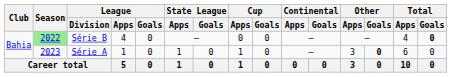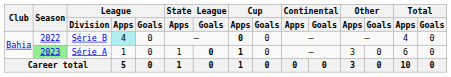 <table class="wikitable" style="text-align: center;">
 <tr>
 <th rowspan="2">Club</th>
 <th rowspan="2">Season</th>
 <th colspan="3">League</th>
 <th colspan="2">State League</th>
 <th colspan="2">Cup</th>
 <th colspan="2">Continental</th>
 <th colspan="2">Other</th>
 <th colspan="2">Total</th>
 </tr>
 <tr>
 <th>Division</th>
 <th>Apps</th>
 <th>Goals</th>
 <th>Apps</th>
 <th>Goals</th>
 <th>Apps</th>
 <th>Goals</th>
 <th>Apps</th>
 <th>Goals</th>
 <th>Apps</th>
 <th>Goals</th>
 <th>Apps</th>
 <th>Goals</th>
 </tr>
 <tr>
 <td rowspan="2"><a href='#'>Bahia</a></td>
-<td style="background: lightgreen;"><a href='#'>2022</a></td>
+<td><a href='#'>2022</a></td>
 <td><a href='#'>Série B</a></td>
-<td>4</td>
+<td style="background: paleturquoise;">4</td>
 <td>0</td>
 <td colspan="2">—</td>
-<td>0</td>
+<td><strong>0</strong></td>
 <td>0</td>
 <td colspan="2">—</td>
 <td colspan="2">—</td>
 <td>4</td>
-<td><strong>0</strong></td>
+<td>0</td>
 </tr>
 <tr>
-<td><a href='#'>2023</a></td>
+<td style="background: lightgreen;"><a href='#'>2023</a></td>
 <td><a href='#'>Série A</a></td>
 <td>1</td>
 <td>0</td>
 <td>1</td>
-<td>0</td>
-<td>1</td>
+<td><strong>0</strong></td>
+<td><strong>1</strong></td>
 <td>0</td>
 <td colspan="2">—</td>
 <td>3</td>
-<td><strong>0</strong></td>
+<td>0</td>
 <td>6</td>
 <td>0</td>
 </tr>
 <tr>
 <th colspan="3"><strong>Career total</strong></th>
 <th>5</th>
 <th>0</th>
 <th>1</th>
 <th>0</th>
 <th>1</th>
 <th>0</th>
 <th>0</th>
 <th>0</th>
 <th>3</th>
 <th>0</th>
 <th>10</th>
 <th>0</th>
 </tr>
 </table>
